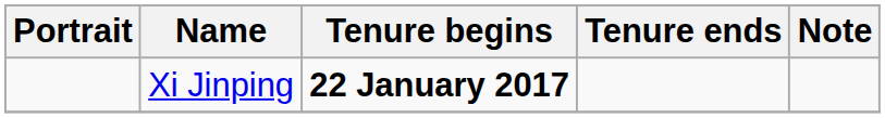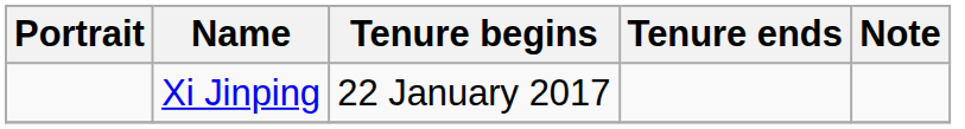 <table class="wikitable">
 <tr>
 <th>Portrait</th>
 <th>Name</th>
 <th>Tenure begins</th>
 <th>Tenure ends</th>
 <th>Note</th>
 </tr>
 <tr>
 <td></td>
 <td><a href='#'>Xi Jinping</a></td>
-<td><strong>22 January 2017</strong></td>
+<td>22 January 2017</td>
 <td></td>
 <td></td>
 </tr>
 <tr>
 </tr>
 </table>
